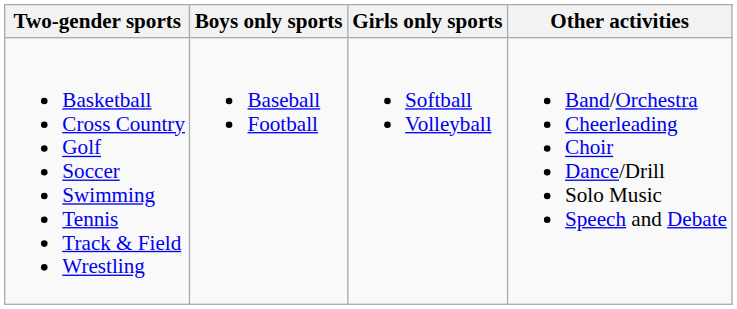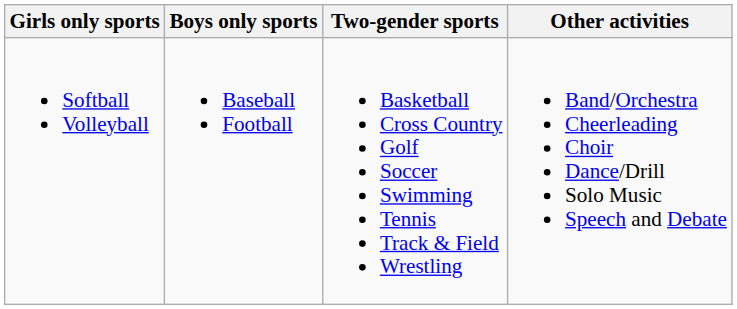 <table class="wikitable">
 <tr>
+<th>Girls only sports</th>
+<th>Boys only sports</th>
 <th>Two-gender sports</th>
-<th>Boys only sports</th>
-<th>Girls only sports</th>
 <th>Other activities</th>
 </tr>
 <tr style="vertical-align: top;">
+<td><br><ul><li><a href='#'>Softball</a></li><li><a href='#'>Volleyball</a></li></ul></td>
+<td><br><ul><li><a href='#'>Baseball</a></li><li><a href='#'>Football</a></li></ul></td>
 <td><br><ul><li><a href='#'>Basketball</a></li><li><a href='#'>Cross Country</a></li><li><a href='#'>Golf</a></li><li><a href='#'>Soccer</a></li><li><a href='#'>Swimming</a></li><li><a href='#'>Tennis</a></li><li><a href='#'>Track & Field</a></li><li><a href='#'>Wrestling</a></li></ul></td>
-<td><br><ul><li><a href='#'>Baseball</a></li><li><a href='#'>Football</a></li></ul></td>
-<td><br><ul><li><a href='#'>Softball</a></li><li><a href='#'>Volleyball</a></li></ul></td>
 <td><br><ul><li><a href='#'>Band</a>/<a href='#'>Orchestra</a></li><li><a href='#'>Cheerleading</a></li><li><a href='#'>Choir</a></li><li><a href='#'>Dance</a>/Drill</li><li>Solo Music</li><li><a href='#'>Speech</a> and <a href='#'>Debate</a></li></ul></td>
 </tr>
 </table>
